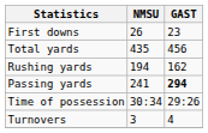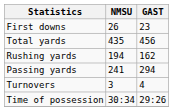 <table class="wikitable">
 <tr>
 <th>Statistics</th>
 <th>NMSU</th>
 <th>GAST</th>
 </tr>
 <tr>
 <td>First downs</td>
 <td>26</td>
 <td>23</td>
 </tr>
 <tr>
 <td>Total yards</td>
 <td>435</td>
 <td>456</td>
 </tr>
 <tr>
 <td>Rushing yards</td>
 <td>194</td>
 <td>162</td>
 </tr>
 <tr>
 <td>Passing yards</td>
 <td>241</td>
-<td><strong>294</strong></td>
+<td>294</td>
+</tr>
+<tr>
+<td>Turnovers</td>
+<td>3</td>
+<td>4</td>
 </tr>
 <tr>
 <td>Time of possession</td>
 <td>30:34</td>
 <td>29:26</td>
 </tr>
 <tr>
-<td>Turnovers</td>
-<td>3</td>
-<td>4</td>
-</tr>
-<tr>
 </tr>
 </table>
